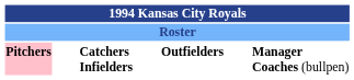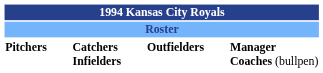 <table class="toccolours" style="font-size: 95%;">
 <tr>
 <th colspan="10" style="background-color: #27408B; color: #FFFFFF; text-align: center;">1994 Kansas City Royals</th>
 </tr>
 <tr>
 <td colspan="10" style="background-color: #74B4FA; color: #27408B; text-align: center;"><strong>Roster</strong></td>
 </tr>
 <tr>
-<td valign="top" style="background: pink;"><strong>Pitchers</strong><br>              </td>
+<td valign="top"><strong>Pitchers</strong><br>              </td>
 <td width="25px"></td>
 <td valign="top"><strong>Catchers</strong><br>  <strong>Infielders</strong>        </td>
 <td width="25px"></td>
 <td valign="top"><strong>Outfielders</strong><br>      </td>
 <td width="25px"></td>
 <td valign="top"><strong>Manager</strong><br> <strong>Coaches</strong>      (bullpen)</td>
 </tr>
 </table>
